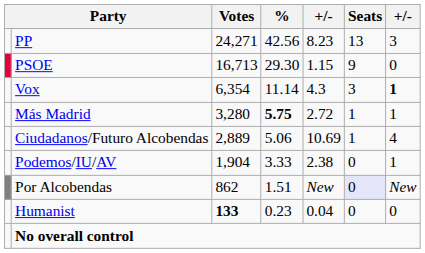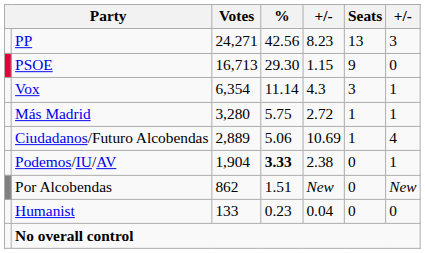 <table class="wikitable">
 <tr>
 <th colspan="2">Party</th>
 <th>Votes</th>
 <th>%</th>
 <th>+/-</th>
 <th>Seats</th>
 <th>+/-</th>
 </tr>
 <tr>
 <td></td>
 <td><a href='#'>PP</a></td>
 <td>24,271</td>
 <td>42.56</td>
 <td> 8.23</td>
 <td>13</td>
 <td> 3</td>
 </tr>
 <tr>
 <td bgcolor="#E4003B"></td>
 <td><a href='#'>PSOE</a></td>
 <td>16,713</td>
 <td>29.30</td>
 <td> 1.15</td>
 <td>9</td>
 <td> 0</td>
 </tr>
 <tr>
 <td></td>
 <td><a href='#'>Vox</a></td>
 <td>6,354</td>
 <td>11.14</td>
 <td> 4.3</td>
 <td>3</td>
-<td><strong> 1</strong></td>
+<td> 1</td>
 </tr>
 <tr>
 <td></td>
 <td><a href='#'>Más Madrid</a></td>
 <td>3,280</td>
-<td><strong>5.75</strong></td>
+<td>5.75</td>
 <td> 2.72</td>
 <td>1</td>
 <td> 1</td>
 </tr>
 <tr>
 <td></td>
 <td><a href='#'>Ciudadanos</a>/Futuro Alcobendas</td>
 <td>2,889</td>
 <td>5.06</td>
 <td> 10.69</td>
 <td>1</td>
 <td> 4</td>
 </tr>
 <tr>
 <td></td>
 <td><a href='#'>Podemos</a>/<a href='#'>IU</a>/<a href='#'>AV</a></td>
 <td>1,904</td>
-<td>3.33</td>
+<td><strong>3.33</strong></td>
 <td> 2.38</td>
 <td>0</td>
 <td> 1</td>
 </tr>
 <tr>
 <td bgcolor="grey"></td>
 <td>Por Alcobendas</td>
 <td>862</td>
 <td>1.51</td>
 <td><em>New</em></td>
-<td style="background: lavender;">0</td>
+<td>0</td>
 <td><em>New</em></td>
 </tr>
 <tr>
 <td></td>
 <td><a href='#'>Humanist</a></td>
-<td><strong>133</strong></td>
+<td>133</td>
 <td>0.23</td>
 <td> 0.04</td>
 <td>0</td>
 <td> 0</td>
 </tr>
 <tr>
 <td></td>
 <td colspan="6"><strong>No overall control</strong></td>
 </tr>
 </table>
